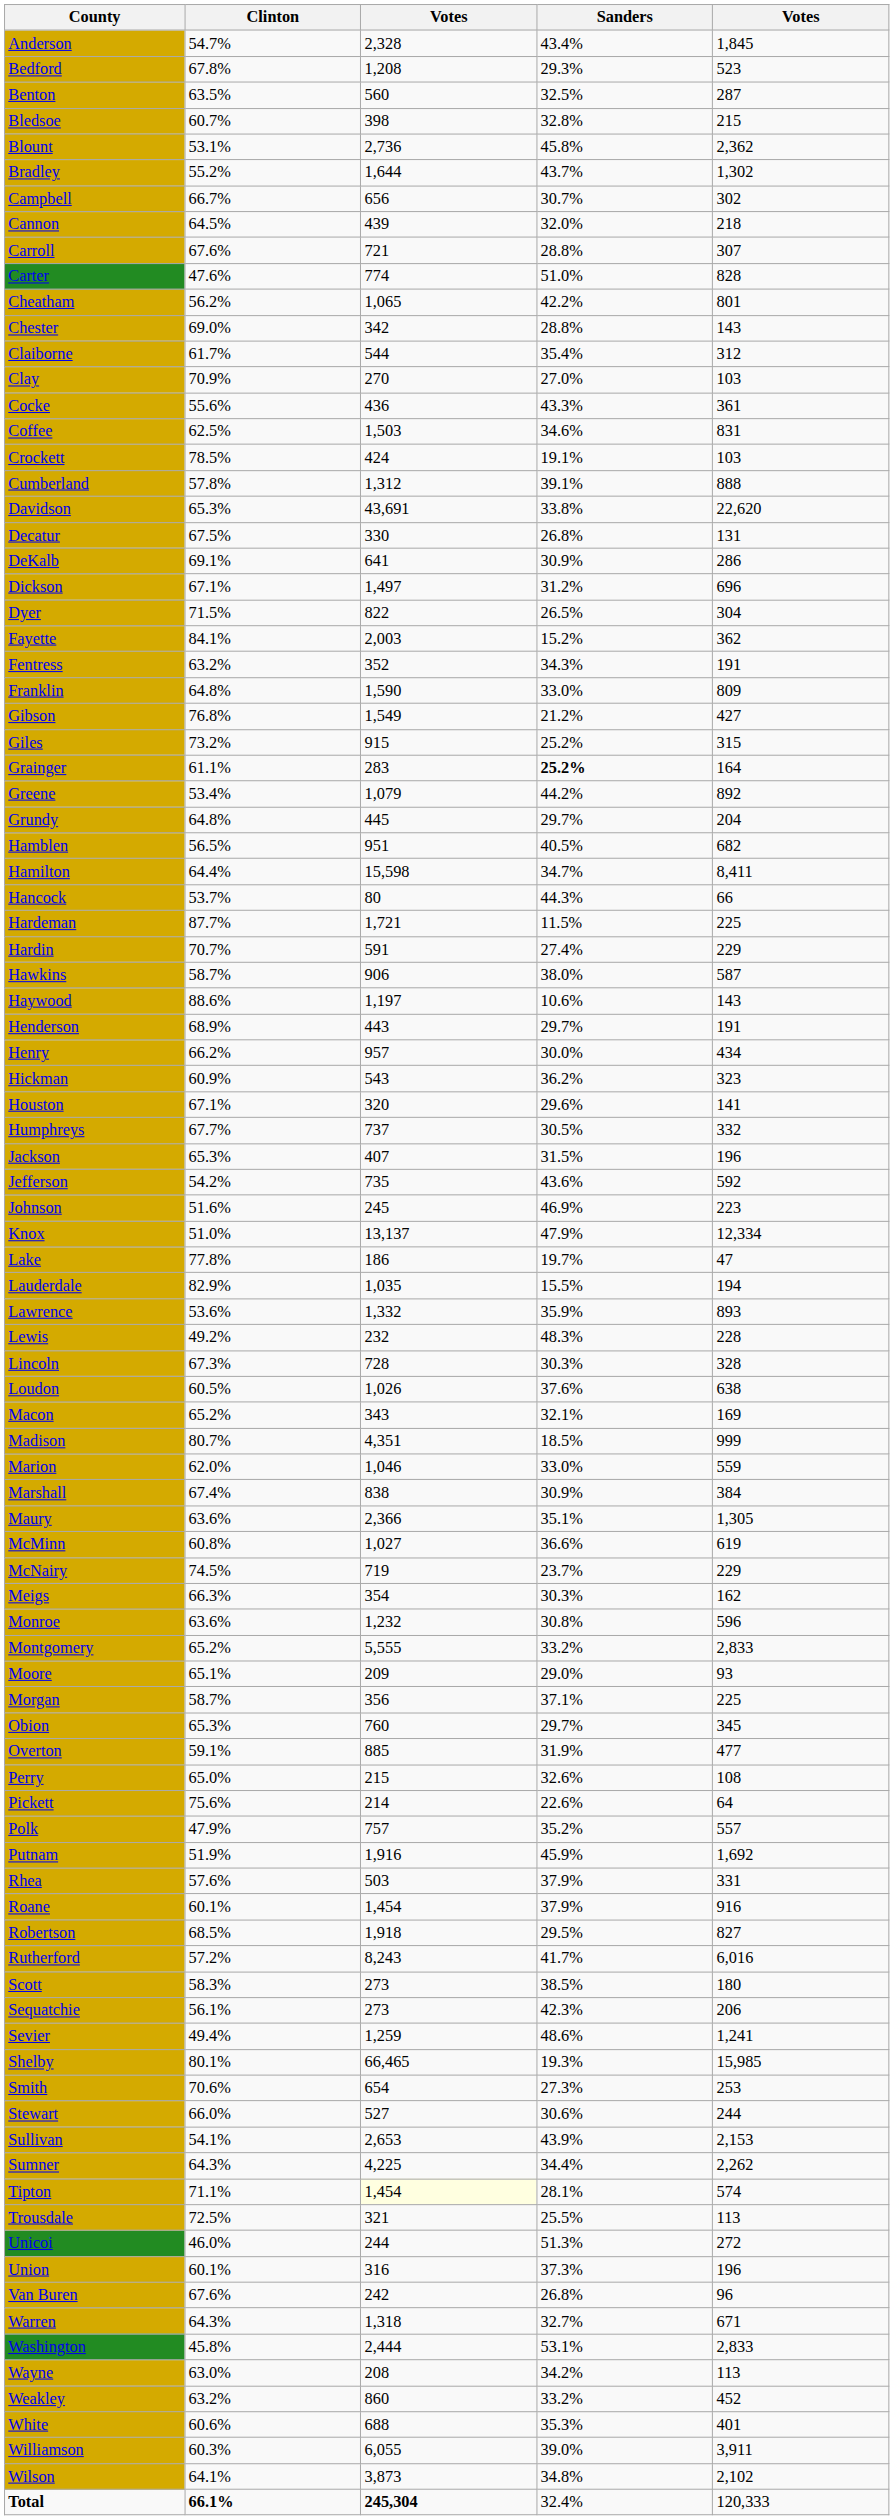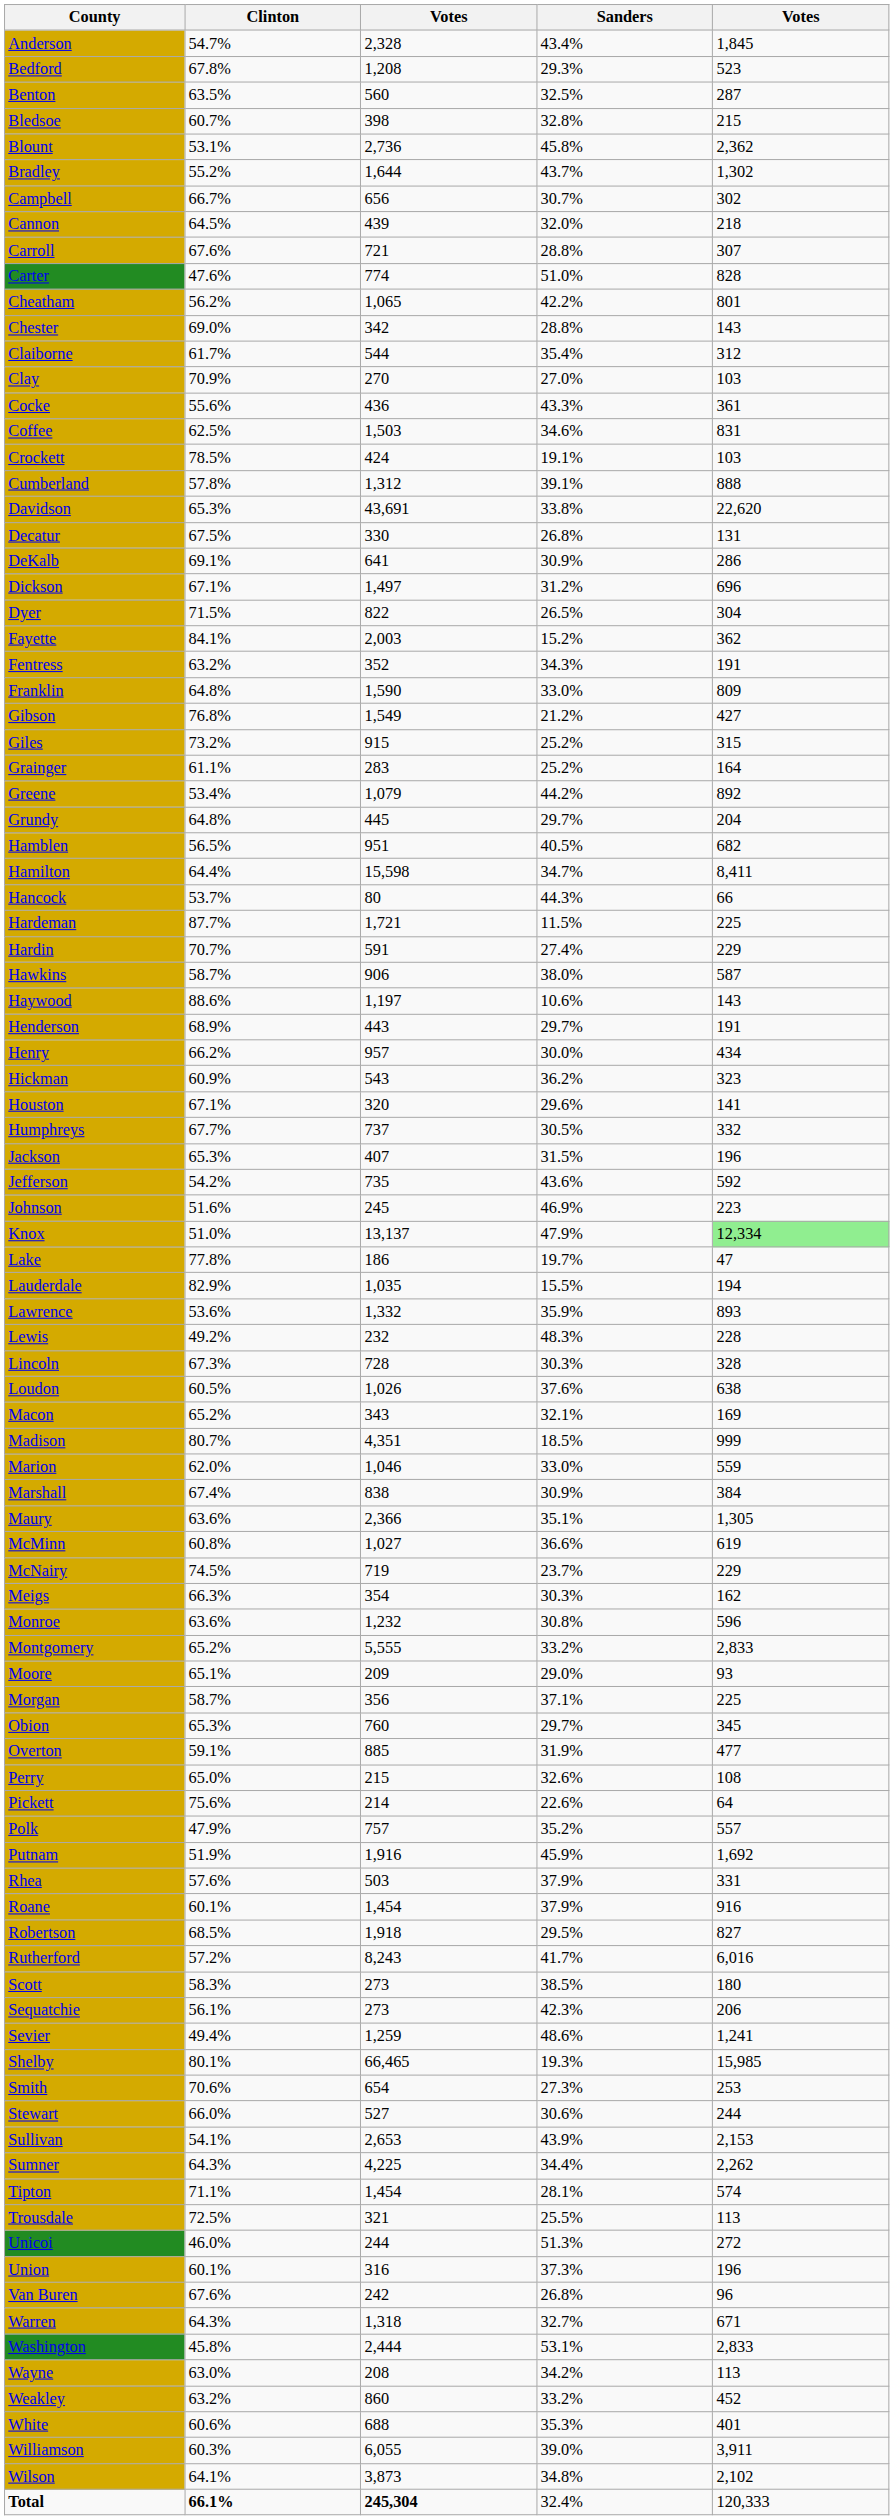 <table class="wikitable sortable mw-collapsible mw-collapsed">
 <tr>
 <th width="10%">County</th>
 <th width="10%">Clinton</th>
 <th width="10%">Votes</th>
 <th width="10%">Sanders</th>
 <th width="10%">Votes</th>
 </tr>
 <tr>
 <td style="background:#D4AA00;"><a href='#'>Anderson</a></td>
 <td>54.7%</td>
 <td>2,328</td>
 <td>43.4%</td>
 <td>1,845</td>
 </tr>
 <tr>
 <td style="background:#D4AA00;"><a href='#'>Bedford</a></td>
 <td>67.8%</td>
 <td>1,208</td>
 <td>29.3%</td>
 <td>523</td>
 </tr>
 <tr>
 <td style="background:#D4AA00;"><a href='#'>Benton</a></td>
 <td>63.5%</td>
 <td>560</td>
 <td>32.5%</td>
 <td>287</td>
 </tr>
 <tr>
 <td style="background:#D4AA00;"><a href='#'>Bledsoe</a></td>
 <td>60.7%</td>
 <td>398</td>
 <td>32.8%</td>
 <td>215</td>
 </tr>
 <tr>
 <td style="background:#D4AA00;"><a href='#'>Blount</a></td>
 <td>53.1%</td>
 <td>2,736</td>
 <td>45.8%</td>
 <td>2,362</td>
 </tr>
 <tr>
 <td style="background:#D4AA00;"><a href='#'>Bradley</a></td>
 <td>55.2%</td>
 <td>1,644</td>
 <td>43.7%</td>
 <td>1,302</td>
 </tr>
 <tr>
 <td style="background:#D4AA00;"><a href='#'>Campbell</a></td>
 <td>66.7%</td>
 <td>656</td>
 <td>30.7%</td>
 <td>302</td>
 </tr>
 <tr>
 <td style="background:#D4AA00;"><a href='#'>Cannon</a></td>
 <td>64.5%</td>
 <td>439</td>
 <td>32.0%</td>
 <td>218</td>
 </tr>
 <tr>
 <td style="background:#D4AA00;"><a href='#'>Carroll</a></td>
 <td>67.6%</td>
 <td>721</td>
 <td>28.8%</td>
 <td>307</td>
 </tr>
 <tr>
 <td style="background:#228b22;"><a href='#'>Carter</a></td>
 <td>47.6%</td>
 <td>774</td>
 <td>51.0%</td>
 <td>828</td>
 </tr>
 <tr>
 <td style="background:#D4AA00;"><a href='#'>Cheatham</a></td>
 <td>56.2%</td>
 <td>1,065</td>
 <td>42.2%</td>
 <td>801</td>
 </tr>
 <tr>
 <td style="background:#D4AA00;"><a href='#'>Chester</a></td>
 <td>69.0%</td>
 <td>342</td>
 <td>28.8%</td>
 <td>143</td>
 </tr>
 <tr>
 <td style="background:#D4AA00;"><a href='#'>Claiborne</a></td>
 <td>61.7%</td>
 <td>544</td>
 <td>35.4%</td>
 <td>312</td>
 </tr>
 <tr>
 <td style="background:#D4AA00;"><a href='#'>Clay</a></td>
 <td>70.9%</td>
 <td>270</td>
 <td>27.0%</td>
 <td>103</td>
 </tr>
 <tr>
 <td style="background:#D4AA00;"><a href='#'>Cocke</a></td>
 <td>55.6%</td>
 <td>436</td>
 <td>43.3%</td>
 <td>361</td>
 </tr>
 <tr>
 <td style="background:#D4AA00;"><a href='#'>Coffee</a></td>
 <td>62.5%</td>
 <td>1,503</td>
 <td>34.6%</td>
 <td>831</td>
 </tr>
 <tr>
 <td style="background:#D4AA00;"><a href='#'>Crockett</a></td>
 <td>78.5%</td>
 <td>424</td>
 <td>19.1%</td>
 <td>103</td>
 </tr>
 <tr>
 <td style="background:#D4AA00;"><a href='#'>Cumberland</a></td>
 <td>57.8%</td>
 <td>1,312</td>
 <td>39.1%</td>
 <td>888</td>
 </tr>
 <tr>
 <td style="background:#D4AA00;"><a href='#'>Davidson</a></td>
 <td>65.3%</td>
 <td>43,691</td>
 <td>33.8%</td>
 <td>22,620</td>
 </tr>
 <tr>
 <td style="background:#D4AA00;"><a href='#'>Decatur</a></td>
 <td>67.5%</td>
 <td>330</td>
 <td>26.8%</td>
 <td>131</td>
 </tr>
 <tr>
 <td style="background:#D4AA00;"><a href='#'>DeKalb</a></td>
 <td>69.1%</td>
 <td>641</td>
 <td>30.9%</td>
 <td>286</td>
 </tr>
 <tr>
 <td style="background:#D4AA00;"><a href='#'>Dickson</a></td>
 <td>67.1%</td>
 <td>1,497</td>
 <td>31.2%</td>
 <td>696</td>
 </tr>
 <tr>
 <td style="background:#D4AA00;"><a href='#'>Dyer</a></td>
 <td>71.5%</td>
 <td>822</td>
 <td>26.5%</td>
 <td>304</td>
 </tr>
 <tr>
 <td style="background:#D4AA00;"><a href='#'>Fayette</a></td>
 <td>84.1%</td>
 <td>2,003</td>
 <td>15.2%</td>
 <td>362</td>
 </tr>
 <tr>
 <td style="background:#D4AA00;"><a href='#'>Fentress</a></td>
 <td>63.2%</td>
 <td>352</td>
 <td>34.3%</td>
 <td>191</td>
 </tr>
 <tr>
 <td style="background:#D4AA00;"><a href='#'>Franklin</a></td>
 <td>64.8%</td>
 <td>1,590</td>
 <td>33.0%</td>
 <td>809</td>
 </tr>
 <tr>
 <td style="background:#D4AA00;"><a href='#'>Gibson</a></td>
 <td>76.8%</td>
 <td>1,549</td>
 <td>21.2%</td>
 <td>427</td>
 </tr>
 <tr>
 <td style="background:#D4AA00;"><a href='#'>Giles</a></td>
 <td>73.2%</td>
 <td>915</td>
 <td>25.2%</td>
 <td>315</td>
 </tr>
 <tr>
 <td style="background:#D4AA00;"><a href='#'>Grainger</a></td>
 <td>61.1%</td>
 <td>283</td>
-<td><strong>25.2%</strong></td>
+<td>25.2%</td>
 <td>164</td>
 </tr>
 <tr>
 <td style="background:#D4AA00;"><a href='#'>Greene</a></td>
 <td>53.4%</td>
 <td>1,079</td>
 <td>44.2%</td>
 <td>892</td>
 </tr>
 <tr>
 <td style="background:#D4AA00;"><a href='#'>Grundy</a></td>
 <td>64.8%</td>
 <td>445</td>
 <td>29.7%</td>
 <td>204</td>
 </tr>
 <tr>
 <td style="background:#D4AA00;"><a href='#'>Hamblen</a></td>
 <td>56.5%</td>
 <td>951</td>
 <td>40.5%</td>
 <td>682</td>
 </tr>
 <tr>
 <td style="background:#D4AA00;"><a href='#'>Hamilton</a></td>
 <td>64.4%</td>
 <td>15,598</td>
 <td>34.7%</td>
 <td>8,411</td>
 </tr>
 <tr>
 <td style="background:#D4AA00;"><a href='#'>Hancock</a></td>
 <td>53.7%</td>
 <td>80</td>
 <td>44.3%</td>
 <td>66</td>
 </tr>
 <tr>
 <td style="background:#D4AA00;"><a href='#'>Hardeman</a></td>
 <td>87.7%</td>
 <td>1,721</td>
 <td>11.5%</td>
 <td>225</td>
 </tr>
 <tr>
 <td style="background:#D4AA00;"><a href='#'>Hardin</a></td>
 <td>70.7%</td>
 <td>591</td>
 <td>27.4%</td>
 <td>229</td>
 </tr>
 <tr>
 <td style="background:#D4AA00;"><a href='#'>Hawkins</a></td>
 <td>58.7%</td>
 <td>906</td>
 <td>38.0%</td>
 <td>587</td>
 </tr>
 <tr>
 <td style="background:#D4AA00;"><a href='#'>Haywood</a></td>
 <td>88.6%</td>
 <td>1,197</td>
 <td>10.6%</td>
 <td>143</td>
 </tr>
 <tr>
 <td style="background:#D4AA00;"><a href='#'>Henderson</a></td>
 <td>68.9%</td>
 <td>443</td>
 <td>29.7%</td>
 <td>191</td>
 </tr>
 <tr>
 <td style="background:#D4AA00;"><a href='#'>Henry</a></td>
 <td>66.2%</td>
 <td>957</td>
 <td>30.0%</td>
 <td>434</td>
 </tr>
 <tr>
 <td style="background:#D4AA00;"><a href='#'>Hickman</a></td>
 <td>60.9%</td>
 <td>543</td>
 <td>36.2%</td>
 <td>323</td>
 </tr>
 <tr>
 <td style="background:#D4AA00;"><a href='#'>Houston</a></td>
 <td>67.1%</td>
 <td>320</td>
 <td>29.6%</td>
 <td>141</td>
 </tr>
 <tr>
 <td style="background:#D4AA00;"><a href='#'>Humphreys</a></td>
 <td>67.7%</td>
 <td>737</td>
 <td>30.5%</td>
 <td>332</td>
 </tr>
 <tr>
 <td style="background:#D4AA00;"><a href='#'>Jackson</a></td>
 <td>65.3%</td>
 <td>407</td>
 <td>31.5%</td>
 <td>196</td>
 </tr>
 <tr>
 <td style="background:#D4AA00;"><a href='#'>Jefferson</a></td>
 <td>54.2%</td>
 <td>735</td>
 <td>43.6%</td>
 <td>592</td>
 </tr>
 <tr>
 <td style="background:#D4AA00;"><a href='#'>Johnson</a></td>
 <td>51.6%</td>
 <td>245</td>
 <td>46.9%</td>
 <td>223</td>
 </tr>
 <tr>
 <td style="background:#D4AA00;"><a href='#'>Knox</a></td>
 <td>51.0%</td>
 <td>13,137</td>
 <td>47.9%</td>
-<td>12,334</td>
+<td style="background: lightgreen;">12,334</td>
 </tr>
 <tr>
 <td style="background:#D4AA00;"><a href='#'>Lake</a></td>
 <td>77.8%</td>
 <td>186</td>
 <td>19.7%</td>
 <td>47</td>
 </tr>
 <tr>
 <td style="background:#D4AA00;"><a href='#'>Lauderdale</a></td>
 <td>82.9%</td>
 <td>1,035</td>
 <td>15.5%</td>
 <td>194</td>
 </tr>
 <tr>
 <td style="background:#D4AA00;"><a href='#'>Lawrence</a></td>
 <td>53.6%</td>
 <td>1,332</td>
 <td>35.9%</td>
 <td>893</td>
 </tr>
 <tr>
 <td style="background:#D4AA00;"><a href='#'>Lewis</a></td>
 <td>49.2%</td>
 <td>232</td>
 <td>48.3%</td>
 <td>228</td>
 </tr>
 <tr>
 <td style="background:#D4AA00;"><a href='#'>Lincoln</a></td>
 <td>67.3%</td>
 <td>728</td>
 <td>30.3%</td>
 <td>328</td>
 </tr>
 <tr>
 <td style="background:#D4AA00;"><a href='#'>Loudon</a></td>
 <td>60.5%</td>
 <td>1,026</td>
 <td>37.6%</td>
 <td>638</td>
 </tr>
 <tr>
 <td style="background:#D4AA00;"><a href='#'>Macon</a></td>
 <td>65.2%</td>
 <td>343</td>
 <td>32.1%</td>
 <td>169</td>
 </tr>
 <tr>
 <td style="background:#D4AA00;"><a href='#'>Madison</a></td>
 <td>80.7%</td>
 <td>4,351</td>
 <td>18.5%</td>
 <td>999</td>
 </tr>
 <tr>
 <td style="background:#D4AA00;"><a href='#'>Marion</a></td>
 <td>62.0%</td>
 <td>1,046</td>
 <td>33.0%</td>
 <td>559</td>
 </tr>
 <tr>
 <td style="background:#D4AA00;"><a href='#'>Marshall</a></td>
 <td>67.4%</td>
 <td>838</td>
 <td>30.9%</td>
 <td>384</td>
 </tr>
 <tr>
 <td style="background:#D4AA00;"><a href='#'>Maury</a></td>
 <td>63.6%</td>
 <td>2,366</td>
 <td>35.1%</td>
 <td>1,305</td>
 </tr>
 <tr>
 <td style="background:#D4AA00;"><a href='#'>McMinn</a></td>
 <td>60.8%</td>
 <td>1,027</td>
 <td>36.6%</td>
 <td>619</td>
 </tr>
 <tr>
 <td style="background:#D4AA00;"><a href='#'>McNairy</a></td>
 <td>74.5%</td>
 <td>719</td>
 <td>23.7%</td>
 <td>229</td>
 </tr>
 <tr>
 <td style="background:#D4AA00;"><a href='#'>Meigs</a></td>
 <td>66.3%</td>
 <td>354</td>
 <td>30.3%</td>
 <td>162</td>
 </tr>
 <tr>
 <td style="background:#D4AA00;"><a href='#'>Monroe</a></td>
 <td>63.6%</td>
 <td>1,232</td>
 <td>30.8%</td>
 <td>596</td>
 </tr>
 <tr>
 <td style="background:#D4AA00;"><a href='#'>Montgomery</a></td>
 <td>65.2%</td>
 <td>5,555</td>
 <td>33.2%</td>
 <td>2,833</td>
 </tr>
 <tr>
 <td style="background:#D4AA00;"><a href='#'>Moore</a></td>
 <td>65.1%</td>
 <td>209</td>
 <td>29.0%</td>
 <td>93</td>
 </tr>
 <tr>
 <td style="background:#D4AA00;"><a href='#'>Morgan</a></td>
 <td>58.7%</td>
 <td>356</td>
 <td>37.1%</td>
 <td>225</td>
 </tr>
 <tr>
 <td style="background:#D4AA00;"><a href='#'>Obion</a></td>
 <td>65.3%</td>
 <td>760</td>
 <td>29.7%</td>
 <td>345</td>
 </tr>
 <tr>
 <td style="background:#D4AA00;"><a href='#'>Overton</a></td>
 <td>59.1%</td>
 <td>885</td>
 <td>31.9%</td>
 <td>477</td>
 </tr>
 <tr>
 <td style="background:#D4AA00;"><a href='#'>Perry</a></td>
 <td>65.0%</td>
 <td>215</td>
 <td>32.6%</td>
 <td>108</td>
 </tr>
 <tr>
 <td style="background:#D4AA00;"><a href='#'>Pickett</a></td>
 <td>75.6%</td>
 <td>214</td>
 <td>22.6%</td>
 <td>64</td>
 </tr>
 <tr>
 <td style="background:#D4AA00;"><a href='#'>Polk</a></td>
 <td>47.9%</td>
 <td>757</td>
 <td>35.2%</td>
 <td>557</td>
 </tr>
 <tr>
 <td style="background:#D4AA00;"><a href='#'>Putnam</a></td>
 <td>51.9%</td>
 <td>1,916</td>
 <td>45.9%</td>
 <td>1,692</td>
 </tr>
 <tr>
 <td style="background:#D4AA00;"><a href='#'>Rhea</a></td>
 <td>57.6%</td>
 <td>503</td>
 <td>37.9%</td>
 <td>331</td>
 </tr>
 <tr>
 <td style="background:#D4AA00;"><a href='#'>Roane</a></td>
 <td>60.1%</td>
 <td>1,454</td>
 <td>37.9%</td>
 <td>916</td>
 </tr>
 <tr>
 <td style="background:#D4AA00;"><a href='#'>Robertson</a></td>
 <td>68.5%</td>
 <td>1,918</td>
 <td>29.5%</td>
 <td>827</td>
 </tr>
 <tr>
 <td style="background:#D4AA00;"><a href='#'>Rutherford</a></td>
 <td>57.2%</td>
 <td>8,243</td>
 <td>41.7%</td>
 <td>6,016</td>
 </tr>
 <tr>
 <td style="background:#D4AA00;"><a href='#'>Scott</a></td>
 <td>58.3%</td>
 <td>273</td>
 <td>38.5%</td>
 <td>180</td>
 </tr>
 <tr>
 <td style="background:#D4AA00;"><a href='#'>Sequatchie</a></td>
 <td>56.1%</td>
 <td>273</td>
 <td>42.3%</td>
 <td>206</td>
 </tr>
 <tr>
 <td style="background:#D4AA00;"><a href='#'>Sevier</a></td>
 <td>49.4%</td>
 <td>1,259</td>
 <td>48.6%</td>
 <td>1,241</td>
 </tr>
 <tr>
 <td style="background:#D4AA00;"><a href='#'>Shelby</a></td>
 <td>80.1%</td>
 <td>66,465</td>
 <td>19.3%</td>
 <td>15,985</td>
 </tr>
 <tr>
 <td style="background:#D4AA00;"><a href='#'>Smith</a></td>
 <td>70.6%</td>
 <td>654</td>
 <td>27.3%</td>
 <td>253</td>
 </tr>
 <tr>
 <td style="background:#D4AA00;"><a href='#'>Stewart</a></td>
 <td>66.0%</td>
 <td>527</td>
 <td>30.6%</td>
 <td>244</td>
 </tr>
 <tr>
 <td style="background:#D4AA00;"><a href='#'>Sullivan</a></td>
 <td>54.1%</td>
 <td>2,653</td>
 <td>43.9%</td>
 <td>2,153</td>
 </tr>
 <tr>
 <td style="background:#D4AA00;"><a href='#'>Sumner</a></td>
 <td>64.3%</td>
 <td>4,225</td>
 <td>34.4%</td>
 <td>2,262</td>
 </tr>
 <tr>
 <td style="background:#D4AA00;"><a href='#'>Tipton</a></td>
 <td>71.1%</td>
-<td style="background: lightyellow;">1,454</td>
+<td>1,454</td>
 <td>28.1%</td>
 <td>574</td>
 </tr>
 <tr>
 <td style="background:#D4AA00;"><a href='#'>Trousdale</a></td>
 <td>72.5%</td>
 <td>321</td>
 <td>25.5%</td>
 <td>113</td>
 </tr>
 <tr>
 <td style="background:#228b22;"><a href='#'>Unicoi</a></td>
 <td>46.0%</td>
 <td>244</td>
 <td>51.3%</td>
 <td>272</td>
 </tr>
 <tr>
 <td style="background:#D4AA00;"><a href='#'>Union</a></td>
 <td>60.1%</td>
 <td>316</td>
 <td>37.3%</td>
 <td>196</td>
 </tr>
 <tr>
 <td style="background:#D4AA00;"><a href='#'>Van Buren</a></td>
 <td>67.6%</td>
 <td>242</td>
 <td>26.8%</td>
 <td>96</td>
 </tr>
 <tr>
 <td style="background:#D4AA00;"><a href='#'>Warren</a></td>
 <td>64.3%</td>
 <td>1,318</td>
 <td>32.7%</td>
 <td>671</td>
 </tr>
 <tr>
 <td style="background:#228b22;"><a href='#'>Washington</a></td>
 <td>45.8%</td>
 <td>2,444</td>
 <td>53.1%</td>
 <td>2,833</td>
 </tr>
 <tr>
 <td style="background:#D4AA00;"><a href='#'>Wayne</a></td>
 <td>63.0%</td>
 <td>208</td>
 <td>34.2%</td>
 <td>113</td>
 </tr>
 <tr>
 <td style="background:#D4AA00;"><a href='#'>Weakley</a></td>
 <td>63.2%</td>
 <td>860</td>
 <td>33.2%</td>
 <td>452</td>
 </tr>
 <tr>
 <td style="background:#D4AA00;"><a href='#'>White</a></td>
 <td>60.6%</td>
 <td>688</td>
 <td>35.3%</td>
 <td>401</td>
 </tr>
 <tr>
 <td style="background:#D4AA00;"><a href='#'>Williamson</a></td>
 <td>60.3%</td>
 <td>6,055</td>
 <td>39.0%</td>
 <td>3,911</td>
 </tr>
 <tr>
 <td style="background:#D4AA00;"><a href='#'>Wilson</a></td>
 <td>64.1%</td>
 <td>3,873</td>
 <td>34.8%</td>
 <td>2,102</td>
 </tr>
 <tr>
 <td><strong>Total</strong></td>
 <td><strong>66.1%</strong></td>
 <td><strong>245,304</strong></td>
 <td>32.4%</td>
 <td>120,333</td>
 </tr>
 </table>
